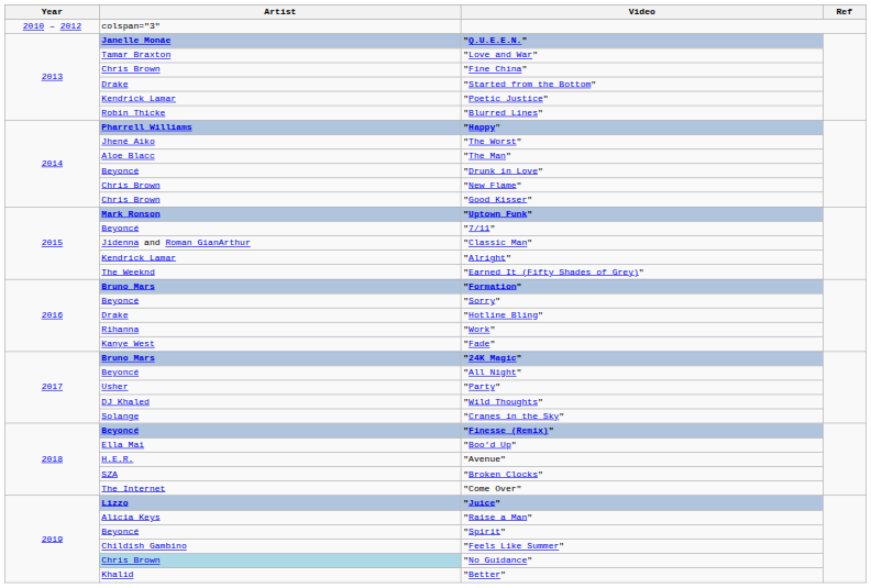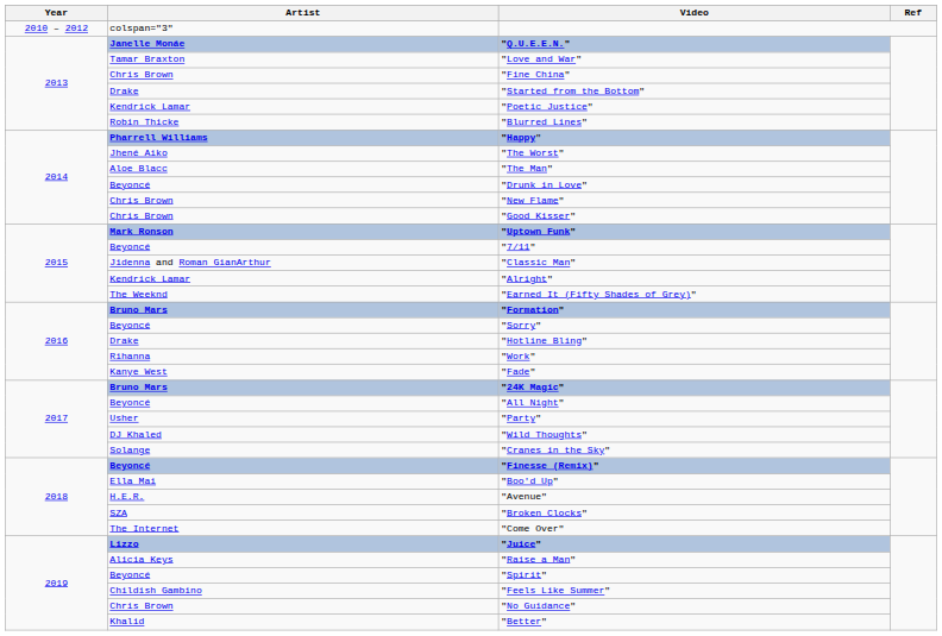 <table class="wikitable" style="width:100%;">
 <tr style="background:#bebebe;">
 <th style="width:11%;">Year</th>
 <th style="width:42%;">Artist</th>
 <th style="width:42%;">Video</th>
 <th style="width:5%;">Ref</th>
 </tr>
 <tr>
 <td align="center"><a href='#'>2010</a> – <a href='#'>2012</a></td>
 <td>colspan="3" </td>
 </tr>
 <tr>
 <td rowspan="6" align="center"><a href='#'>2013</a></td>
 <td style="background:#B0C4DE"><strong><a href='#'>Janelle Monáe</a> </strong></td>
 <td style="background:#B0C4DE"><strong>"<a href='#'>Q.U.E.E.N.</a>"</strong></td>
 <td rowspan="6" align="center"></td>
 </tr>
 <tr>
 <td><a href='#'>Tamar Braxton</a></td>
 <td>"<a href='#'>Love and War</a>"</td>
 </tr>
 <tr>
 <td><a href='#'>Chris Brown</a></td>
 <td>"<a href='#'>Fine China</a>"</td>
 </tr>
 <tr>
 <td><a href='#'>Drake</a></td>
 <td>"<a href='#'>Started from the Bottom</a>"</td>
 </tr>
 <tr>
 <td><a href='#'>Kendrick Lamar</a> </td>
 <td>"<a href='#'>Poetic Justice</a>"</td>
 </tr>
 <tr>
 <td><a href='#'>Robin Thicke</a> </td>
 <td>"<a href='#'>Blurred Lines</a>"</td>
 </tr>
 <tr>
 <td rowspan="6" align="center"><a href='#'>2014</a></td>
 <td style="background:#B0C4DE"><strong><a href='#'>Pharrell Williams</a></strong></td>
 <td style="background:#B0C4DE"><strong>"<a href='#'>Happy</a></strong>"</td>
 <td rowspan="6" align="center"></td>
 </tr>
 <tr>
 <td><a href='#'>Jhené Aiko</a></td>
 <td>"<a href='#'>The Worst</a>"</td>
 </tr>
 <tr>
 <td><a href='#'>Aloe Blacc</a></td>
 <td>"<a href='#'>The Man</a>"</td>
 </tr>
 <tr>
 <td><a href='#'>Beyoncé</a> </td>
 <td>"<a href='#'>Drunk in Love</a>"</td>
 </tr>
 <tr>
 <td><a href='#'>Chris Brown</a> </td>
 <td>"<a href='#'>New Flame</a>"</td>
 </tr>
 <tr>
 <td><a href='#'>Chris Brown</a> </td>
 <td>"<a href='#'>Good Kisser</a>"</td>
 </tr>
 <tr>
 <td rowspan="5" align="center"><a href='#'>2015</a></td>
 <td style="background:#B0C4DE"><strong><a href='#'>Mark Ronson</a> </strong></td>
 <td style="background:#B0C4DE"><strong>"<a href='#'>Uptown Funk</a>"</strong></td>
 <td rowspan="5" align="center"></td>
 </tr>
 <tr>
 <td><a href='#'>Beyoncé</a></td>
 <td>"<a href='#'>7/11</a>"</td>
 </tr>
 <tr>
 <td><a href='#'>Jidenna</a> and <a href='#'>Roman GianArthur</a></td>
 <td>"<a href='#'>Classic Man</a>"</td>
 </tr>
 <tr>
 <td><a href='#'>Kendrick Lamar</a></td>
 <td>"<a href='#'>Alright</a>"</td>
 </tr>
 <tr>
 <td><a href='#'>The Weeknd</a></td>
 <td>"<a href='#'>Earned It (Fifty Shades of Grey)</a>"</td>
 </tr>
 <tr>
 <td rowspan="5" align="center"><a href='#'>2016</a></td>
 <td style="background:#B0C4DE"><strong><a href='#'>Bruno Mars</a> </strong></td>
 <td style="background:#B0C4DE"><strong>"<a href='#'>Formation</a>"</strong></td>
 <td rowspan="5" align="center"></td>
 </tr>
 <tr>
 <td><a href='#'>Beyoncé</a></td>
 <td>"<a href='#'>Sorry</a>"</td>
 </tr>
 <tr>
 <td><a href='#'>Drake</a></td>
 <td>"<a href='#'>Hotline Bling</a>"</td>
 </tr>
 <tr>
 <td><a href='#'>Rihanna</a> </td>
 <td>"<a href='#'>Work</a>"</td>
 </tr>
 <tr>
 <td><a href='#'>Kanye West</a></td>
 <td>"<a href='#'>Fade</a>"</td>
 </tr>
 <tr>
 <td rowspan="5" align="center"><a href='#'>2017</a></td>
 <td style="background:#B0C4DE"><strong><a href='#'>Bruno Mars</a></strong></td>
 <td style="background:#B0C4DE"><strong>"<a href='#'>24K Magic</a>"</strong></td>
 <td rowspan="5" align="center"></td>
 </tr>
 <tr>
 <td><a href='#'>Beyoncé</a></td>
 <td>"<a href='#'>All Night</a>"</td>
 </tr>
 <tr>
 <td><a href='#'>Usher</a></td>
 <td>"<a href='#'>Party</a>"</td>
 </tr>
 <tr>
 <td><a href='#'>DJ Khaled</a> </td>
 <td>"<a href='#'>Wild Thoughts</a>"</td>
 </tr>
 <tr>
 <td><a href='#'>Solange</a></td>
 <td>"<a href='#'>Cranes in the Sky</a>"</td>
 </tr>
 <tr>
 <td rowspan="5" align="center"><a href='#'>2018</a></td>
 <td style="background:#B0C4DE"><strong><a href='#'>Beyoncé</a></strong></td>
 <td style="background:#B0C4DE"><strong>"<a href='#'>Finesse (Remix)</a>"</strong></td>
 <td rowspan="5" align="center"></td>
 </tr>
 <tr>
 <td><a href='#'>Ella Mai</a></td>
 <td>"<a href='#'>Boo'd Up</a>"</td>
 </tr>
 <tr>
 <td><a href='#'>H.E.R.</a></td>
 <td>"Avenue"</td>
 </tr>
 <tr>
 <td><a href='#'>SZA</a></td>
 <td>"<a href='#'>Broken Clocks</a>"</td>
 </tr>
 <tr>
 <td><a href='#'>The Internet</a></td>
 <td>"Come Over"</td>
 </tr>
 <tr>
 <td rowspan="6" align="center"><a href='#'>2019</a></td>
 <td style="background:#B0C4DE"><strong><a href='#'>Lizzo</a></strong></td>
 <td style="background:#B0C4DE"><strong>"<a href='#'>Juice</a>"</strong></td>
 <td rowspan="6" align="center"></td>
 </tr>
 <tr>
 <td><a href='#'>Alicia Keys</a></td>
 <td>"<a href='#'>Raise a Man</a>"</td>
 </tr>
 <tr>
 <td><a href='#'>Beyoncé</a></td>
 <td>"<a href='#'>Spirit</a>"</td>
 </tr>
 <tr>
 <td><a href='#'>Childish Gambino</a></td>
 <td>"<a href='#'>Feels Like Summer</a>"</td>
 </tr>
 <tr>
-<td style="background: lightblue;"><a href='#'>Chris Brown</a> </td>
+<td><a href='#'>Chris Brown</a> </td>
 <td>"<a href='#'>No Guidance</a>"</td>
 </tr>
 <tr>
 <td><a href='#'>Khalid</a></td>
 <td>"<a href='#'>Better</a>"</td>
 </tr>
 </table>
